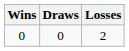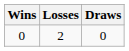 <table class="wikitable">
 <tr>
 <th>Wins</th>
+<th>Losses</th>
 <th>Draws</th>
-<th>Losses</th>
 </tr>
 <tr>
 <td align=center>0</td>
+<td align=center>2</td>
 <td align=center>0</td>
-<td align=center>2</td>
 </tr>
 </table>
